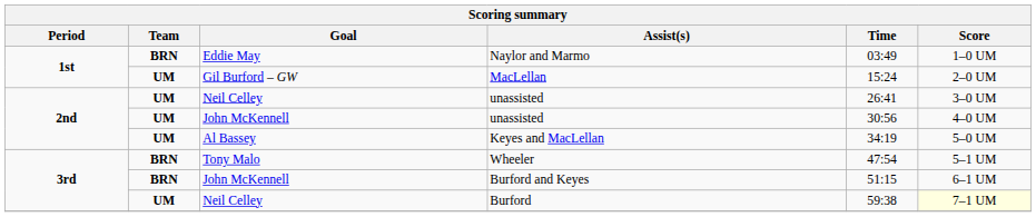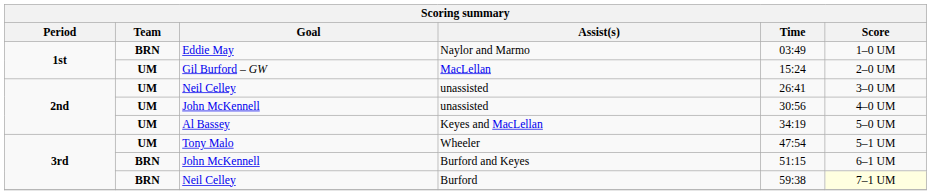 <table style="width:100%;" class="wikitable">
 <tr>
 <th colspan=6>Scoring summary</th>
 </tr>
 <tr>
 <th style="width:12%;">Period</th>
 <th style="width:7%;">Team</th>
 <th style="width:28%;">Goal</th>
 <th style="width:35%;">Assist(s)</th>
 <th style="width:7%;">Time</th>
 <th style="width:11%;">Score</th>
 </tr>
 <tr>
 <td style="text-align:center;" rowspan="2"><strong>1st</strong></td>
 <td align=center><strong>BRN</strong></td>
 <td><a href='#'>Eddie May</a></td>
 <td>Naylor and Marmo</td>
 <td align=center>03:49</td>
 <td align=center>1–0 UM</td>
 </tr>
 <tr>
 <td align=center><strong>UM</strong></td>
 <td><a href='#'>Gil Burford</a> – <em>GW</em></td>
 <td><a href='#'>MacLellan</a></td>
 <td align=center>15:24</td>
 <td align=center>2–0 UM</td>
 </tr>
 <tr>
 <td style="text-align:center;" rowspan="3"><strong>2nd</strong></td>
 <td align=center><strong>UM</strong></td>
 <td><a href='#'>Neil Celley</a></td>
 <td>unassisted</td>
 <td align=center>26:41</td>
 <td align=center>3–0 UM</td>
 </tr>
 <tr>
 <td align=center><strong>UM</strong></td>
 <td><a href='#'>John McKennell</a></td>
 <td>unassisted</td>
 <td align=center>30:56</td>
 <td align=center>4–0 UM</td>
 </tr>
 <tr>
 <td align=center><strong>UM</strong></td>
 <td><a href='#'>Al Bassey</a></td>
 <td>Keyes and <a href='#'>MacLellan</a></td>
 <td align=center>34:19</td>
 <td align=center>5–0 UM</td>
 </tr>
 <tr>
 <td style="text-align:center;" rowspan="3"><strong>3rd</strong></td>
-<td align=center><strong>BRN</strong></td>
+<td align=center><strong>UM</strong></td>
 <td><a href='#'>Tony Malo</a></td>
 <td>Wheeler</td>
 <td align=center>47:54</td>
 <td align=center>5–1 UM</td>
 </tr>
 <tr>
 <td align=center><strong>BRN</strong></td>
 <td><a href='#'>John McKennell</a></td>
 <td>Burford and Keyes</td>
 <td align=center>51:15</td>
 <td align=center>6–1 UM</td>
 </tr>
 <tr>
-<td align=center><strong>UM</strong></td>
+<td align=center><strong>BRN</strong></td>
 <td><a href='#'>Neil Celley</a></td>
 <td>Burford</td>
 <td align=center>59:38</td>
 <td align=center style="background: lightyellow;">7–1 UM</td>
 </tr>
 <tr>
 </tr>
 </table>
